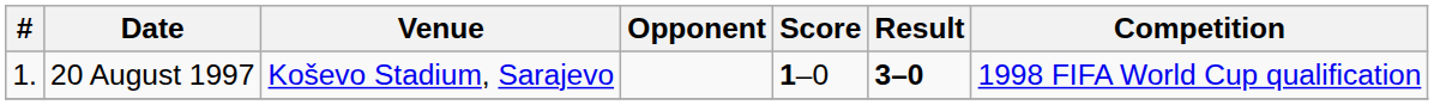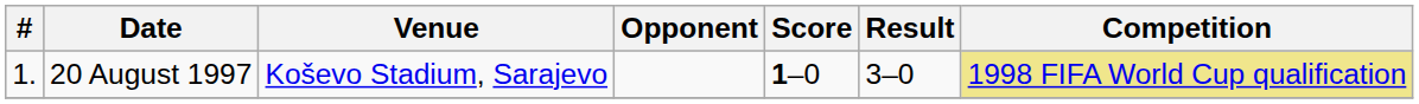 <table class="wikitable">
 <tr>
 <th>#</th>
 <th>Date</th>
 <th>Venue</th>
 <th>Opponent</th>
 <th>Score</th>
 <th>Result</th>
 <th>Competition</th>
 </tr>
 <tr>
 <td>1.</td>
 <td>20 August 1997</td>
 <td><a href='#'>Koševo Stadium</a>, <a href='#'>Sarajevo</a></td>
 <td></td>
 <td><strong>1</strong>–0</td>
-<td><strong>3–0</strong></td>
-<td><a href='#'>1998 FIFA World Cup qualification</a></td>
+<td>3–0</td>
+<td style="background: khaki;"><a href='#'>1998 FIFA World Cup qualification</a></td>
 </tr>
 <tr>
 </tr>
 </table>
